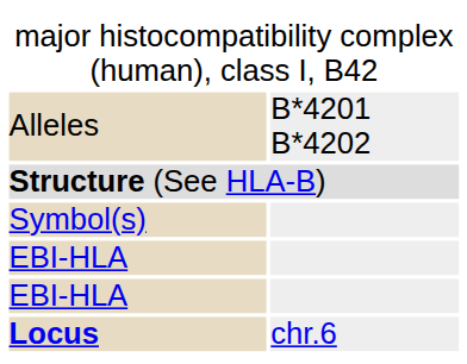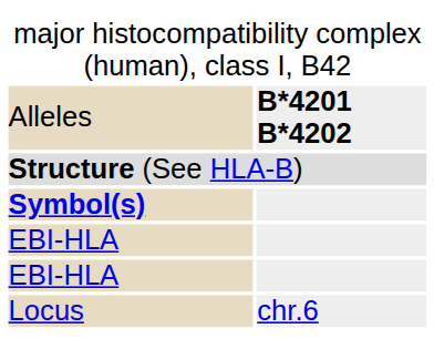 <table id="drugInfoBox" style="float: right; clear: right; margin: 0 0 0.5em 1em; background: #ffffff;" class="toccolours" border=0 cellpadding=0 align=right width="240px">
 <tr>
 <td align="center" colspan="3"></td>
 </tr>
 <tr style="text-align: center; line-height: 1.00;background:#eeeeee">
 <td colspan="3" color="white"></td>
 </tr>
 <tr>
 <td align="center" colspan="2"></td>
 </tr>
 <tr>
 <td align="center" colspan="2"><div>major histocompatibility complex (human), class I, B42</div></td>
 </tr>
 <tr>
 <td bgcolor="#e7dcc3">Alleles</td>
-<td bgcolor="#eeeeee">B*4201 <br> B*4202 <br></td>
+<td bgcolor="#eeeeee"><strong>B*4201 <br> B*4202 <br></strong></td>
 </tr>
 <tr>
 <td colspan="2" bgcolor="#dddddd"><strong>Structure</strong> (See <a href='#'>HLA-B</a>)</td>
 </tr>
 <tr>
-<td bgcolor="#e7dcc3"><a href='#'>Symbol(s)</a></td>
+<td bgcolor="#e7dcc3"><strong><a href='#'>Symbol(s)</a></strong></td>
 <td bgcolor="#eeeeee"></td>
 </tr>
 <tr>
 <td bgcolor="#e7dcc3"><a href='#'>EBI-HLA</a></td>
 <td bgcolor="#eeeeee"></td>
 </tr>
 <tr>
 <td bgcolor="#e7dcc3"><a href='#'>EBI-HLA</a></td>
 <td bgcolor="#eeeeee"></td>
 </tr>
 <tr>
-<td bgcolor="#e7dcc3"><strong><a href='#'>Locus</a></strong></td>
+<td bgcolor="#e7dcc3"><a href='#'>Locus</a></td>
 <td bgcolor="#eeeeee"><a href='#'>chr.6</a> <em></em></td>
 </tr>
 <tr>
 </tr>
 </table>
